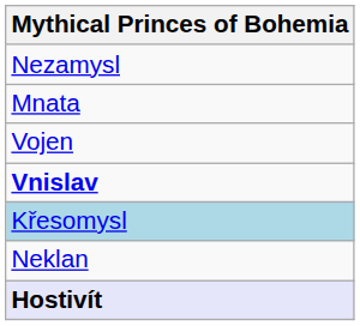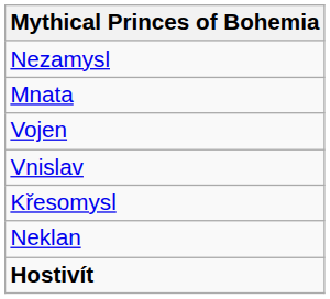 <table class="wikitable">
 <tr>
 <th colspan="2">Mythical Princes of Bohemia</th>
 </tr>
 <tr>
 <td><a href='#'>Nezamysl</a></td>
 </tr>
 <tr>
 <td><a href='#'>Mnata</a></td>
 </tr>
 <tr>
 <td><a href='#'>Vojen</a></td>
 </tr>
 <tr>
-<td><strong><a href='#'>Vnislav</a></strong></td>
+<td><a href='#'>Vnislav</a></td>
 </tr>
 <tr>
-<td style="background: lightblue;"><a href='#'>Křesomysl</a></td>
+<td><a href='#'>Křesomysl</a></td>
 </tr>
 <tr>
 <td><a href='#'>Neklan</a></td>
 </tr>
 <tr>
-<td style="background: lavender;"><strong>Hostivít</strong></td>
+<td><strong>Hostivít</strong></td>
 </tr>
 </table>
